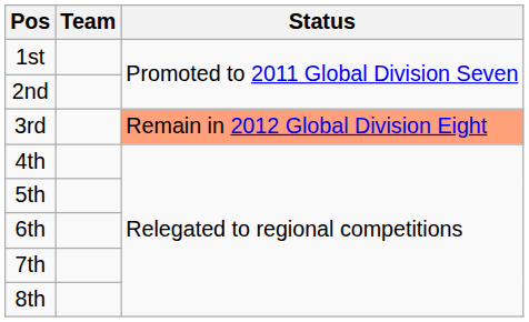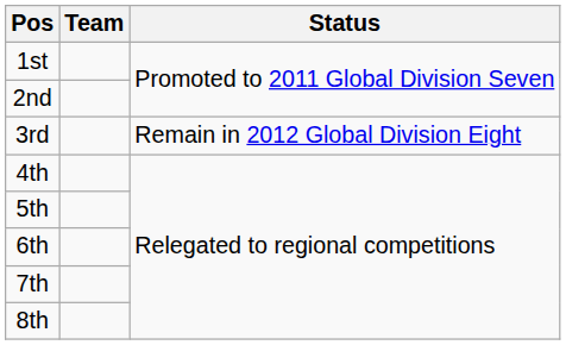 <table class="wikitable">
 <tr>
 <th>Pos</th>
 <th>Team</th>
 <th>Status</th>
 </tr>
 <tr>
 <td align="center">1st</td>
 <td></td>
 <td rowspan=2>Promoted to <a href='#'>2011 Global Division Seven</a></td>
 </tr>
 <tr>
 <td align="center">2nd</td>
 <td></td>
 </tr>
 <tr>
 <td align="center">3rd</td>
 <td></td>
-<td rowspan=1 style="background: lightsalmon;">Remain in <a href='#'>2012 Global Division Eight</a></td>
+<td rowspan=1>Remain in <a href='#'>2012 Global Division Eight</a></td>
 </tr>
 <tr>
 <td align="center">4th</td>
 <td></td>
 <td rowspan=5>Relegated to regional competitions</td>
 </tr>
 <tr>
 <td align="center">5th</td>
 <td></td>
 </tr>
 <tr>
 <td align="center">6th</td>
 <td></td>
 </tr>
 <tr>
 <td align="center">7th</td>
 <td></td>
 </tr>
 <tr>
 <td align="center">8th</td>
 <td></td>
 </tr>
 </table>
